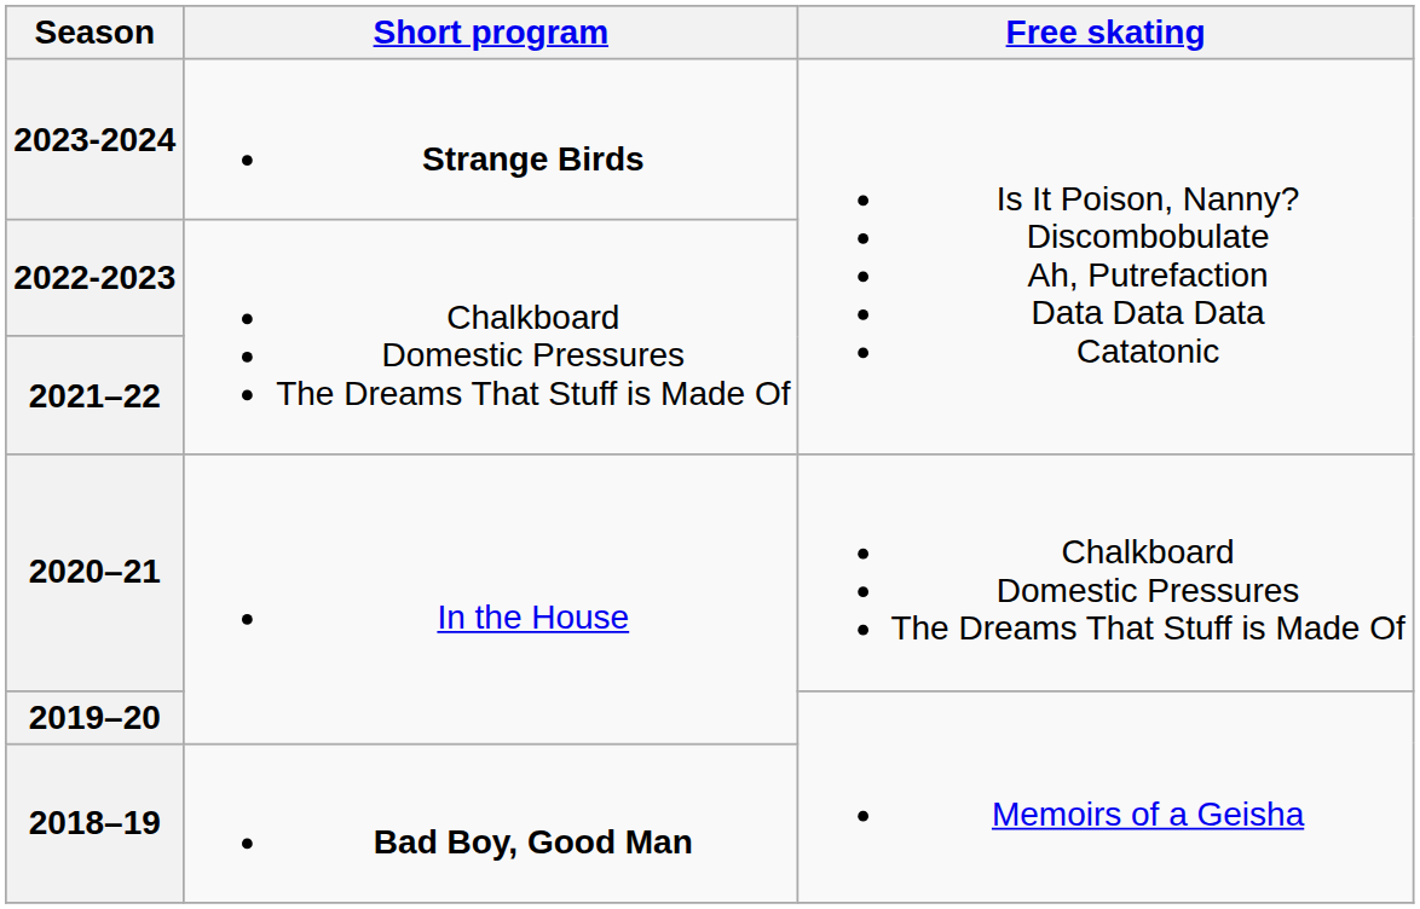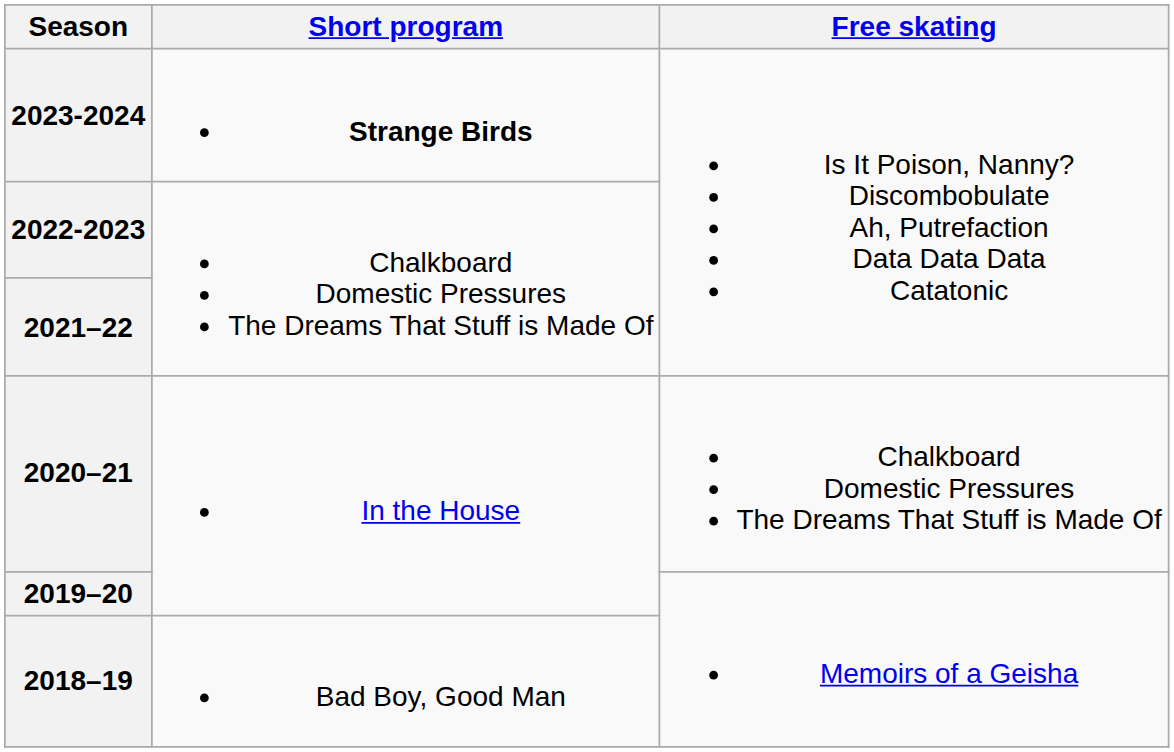 <table class=wikitable style=text-align:center>
 <tr>
 <th>Season</th>
 <th><a href='#'>Short program</a></th>
 <th><a href='#'>Free skating</a></th>
 </tr>
 <tr>
 <th>2023-2024</th>
 <td><strong><br><ul><li>Strange Birds<br></li></ul></strong></td>
 <td rowspan=3><br><ul><li>Is It Poison, Nanny?</li><li>Discombobulate</li><li>Ah, Putrefaction</li><li>Data Data Data</li><li>Catatonic<br></li></ul></td>
 </tr>
 <tr>
 <th>2022-2023</th>
 <td rowspan=2><br><ul><li>Chalkboard</li><li>Domestic Pressures</li><li>The Dreams That Stuff is Made Of<br></li></ul></td>
 </tr>
 <tr>
 <th>2021–22 <br> </th>
 </tr>
 <tr>
 <th>2020–21 <br> </th>
 <td rowspan=2><br><ul><li><a href='#'>In the House</a> <br></li></ul></td>
 <td><br><ul><li>Chalkboard</li><li>Domestic Pressures</li><li>The Dreams That Stuff is Made Of<br></li></ul></td>
 </tr>
 <tr>
 <th>2019–20 <br> </th>
 <td rowspan=2><br><ul><li><a href='#'>Memoirs of a Geisha</a> <br></li></ul></td>
 </tr>
 <tr>
 <th>2018–19 <br> </th>
-<td><strong><br><ul><li>Bad Boy, Good Man <br></li></ul></strong></td>
+<td><br><ul><li>Bad Boy, Good Man <br></li></ul></td>
 </tr>
 </table>
